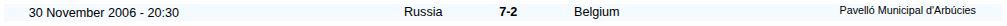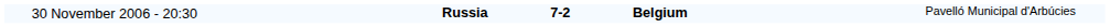 <table style="width: 100%; background:#F5FAFF;" cellspacing="0">
 <tr>
 <td align=center rowspan=3 width=20%>30 November 2006 - 20:30</td>
 </tr>
 <tr>
-<td width=24% align=right>Russia </td>
+<td width=24% align=right><strong>Russia </strong></td>
 <td align=center width=13%><strong>7-2</strong></td>
-<td width=24%> Belgium</td>
+<td width=24%><strong> Belgium</strong></td>
 <td style=font-size:85% rowspan=3 valign=top align=center>Pavelló Municipal d'Arbúcies</td>
 </tr>
 <tr style=font-size:85%>
 <td align=right valign=top></td>
 <td></td>
 <td></td>
 </tr>
 </table>
